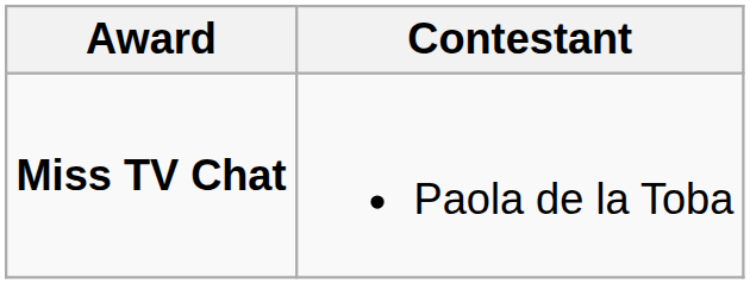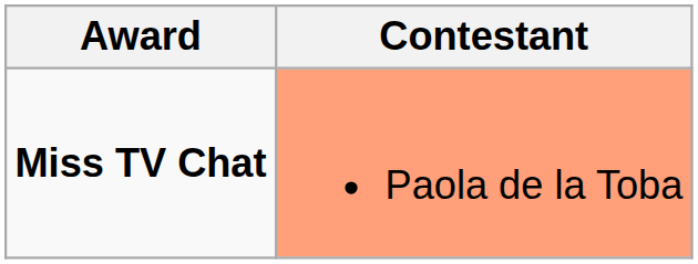 <table class="wikitable">
 <tr>
 <th>Award</th>
 <th>Contestant</th>
 </tr>
 <tr>
 <td><strong>Miss TV Chat</strong></td>
-<td><br><ul><li>Paola de la Toba</li></ul></td>
+<td style="background: lightsalmon;"><br><ul><li>Paola de la Toba</li></ul></td>
 </tr>
 </table>
